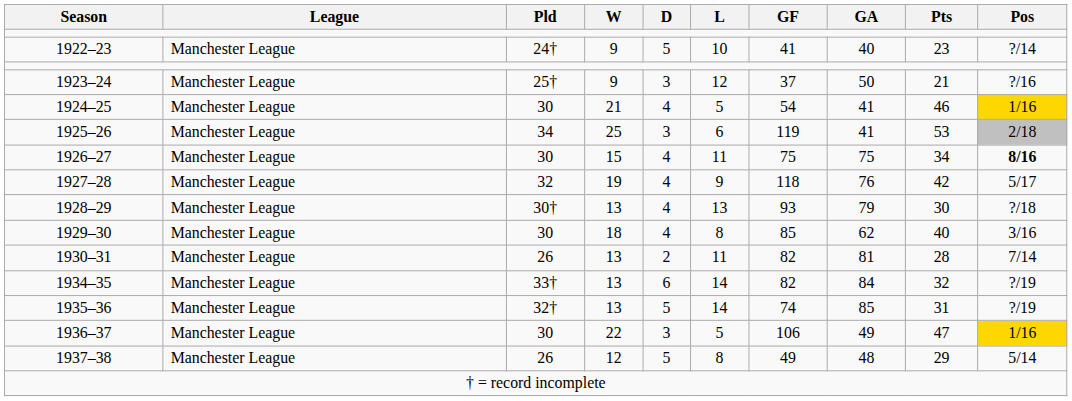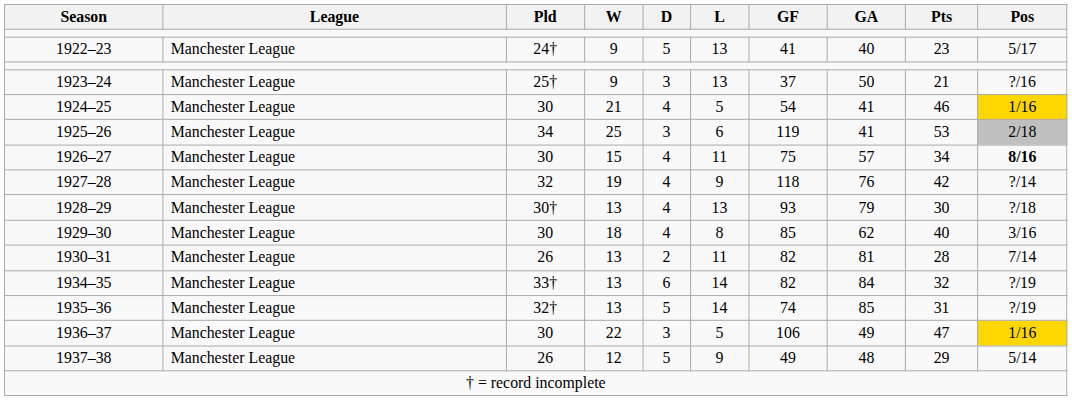 <table class="wikitable" style="width:85%; align:center; text-align:center">
 <tr>
 <th>Season</th>
 <th>League</th>
 <th>Pld</th>
 <th>W</th>
 <th>D</th>
 <th>L</th>
 <th>GF</th>
 <th>GA</th>
 <th>Pts</th>
 <th>Pos</th>
 </tr>
 <tr>
 <td Colspan=10></td>
 </tr>
 <tr>
 <td>1922–23</td>
 <td align="left"> Manchester League</td>
 <td>24†</td>
 <td>9</td>
 <td>5</td>
-<td>10</td>
+<td>13</td>
 <td>41</td>
 <td>40</td>
 <td>23</td>
-<td>?/14</td>
+<td>5/17</td>
 </tr>
 <tr>
 <td Colspan=10></td>
 </tr>
 <tr>
 <td>1923–24</td>
 <td align="left"> Manchester League</td>
 <td>25†</td>
 <td>9</td>
 <td>3</td>
-<td>12</td>
+<td>13</td>
 <td>37</td>
 <td>50</td>
 <td>21</td>
 <td>?/16</td>
 </tr>
 <tr>
 <td>1924–25</td>
 <td align="left"> Manchester League</td>
 <td>30</td>
 <td>21</td>
 <td>4</td>
 <td>5</td>
 <td>54</td>
 <td>41</td>
 <td>46</td>
 <td bgcolor=gold>1/16</td>
 </tr>
 <tr>
 <td>1925–26</td>
 <td align="left"> Manchester League</td>
 <td>34</td>
 <td>25</td>
 <td>3</td>
 <td>6</td>
 <td>119</td>
 <td>41</td>
 <td>53</td>
 <td bgcolor=silver>2/18</td>
 </tr>
 <tr>
 <td>1926–27</td>
 <td align="left"> Manchester League</td>
 <td>30</td>
 <td>15</td>
 <td>4</td>
 <td>11</td>
 <td>75</td>
-<td>75</td>
+<td>57</td>
 <td>34</td>
 <td><strong>8/16</strong></td>
 </tr>
 <tr>
 <td>1927–28</td>
 <td align="left"> Manchester League</td>
 <td>32</td>
 <td>19</td>
 <td>4</td>
 <td>9</td>
 <td>118</td>
 <td>76</td>
 <td>42</td>
-<td>5/17</td>
+<td>?/14</td>
 </tr>
 <tr>
 <td>1928–29</td>
 <td align="left"> Manchester League</td>
 <td>30†</td>
 <td>13</td>
 <td>4</td>
 <td>13</td>
 <td>93</td>
 <td>79</td>
 <td>30</td>
 <td>?/18</td>
 </tr>
 <tr>
 <td>1929–30</td>
 <td align="left"> Manchester League</td>
 <td>30</td>
 <td>18</td>
 <td>4</td>
 <td>8</td>
 <td>85</td>
 <td>62</td>
 <td>40</td>
 <td>3/16</td>
 </tr>
 <tr>
 <td>1930–31</td>
 <td align="left"> Manchester League</td>
 <td>26</td>
 <td>13</td>
 <td>2</td>
 <td>11</td>
 <td>82</td>
 <td>81</td>
 <td>28</td>
 <td>7/14</td>
 </tr>
 <tr>
 <td>1934–35</td>
 <td align="left"> Manchester League</td>
 <td>33†</td>
 <td>13</td>
 <td>6</td>
 <td>14</td>
 <td>82</td>
 <td>84</td>
 <td>32</td>
 <td>?/19</td>
 </tr>
 <tr>
 <td>1935–36</td>
 <td align="left"> Manchester League</td>
 <td>32†</td>
 <td>13</td>
 <td>5</td>
 <td>14</td>
 <td>74</td>
 <td>85</td>
 <td>31</td>
 <td>?/19</td>
 </tr>
 <tr>
 <td>1936–37</td>
 <td align="left"> Manchester League</td>
 <td>30</td>
 <td>22</td>
 <td>3</td>
 <td>5</td>
 <td>106</td>
 <td>49</td>
 <td>47</td>
 <td bgcolor=gold>1/16</td>
 </tr>
 <tr>
 <td>1937–38</td>
 <td align="left"> Manchester League</td>
 <td>26</td>
 <td>12</td>
 <td>5</td>
-<td>8</td>
+<td>9</td>
 <td>49</td>
 <td>48</td>
 <td>29</td>
 <td>5/14</td>
 </tr>
 <tr>
 <td Colspan=10>† = record incomplete</td>
 </tr>
 <tr>
 </tr>
 </table>
